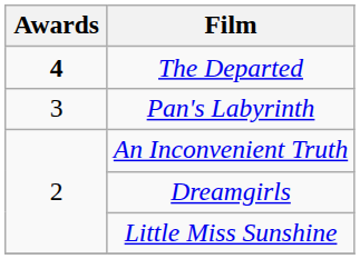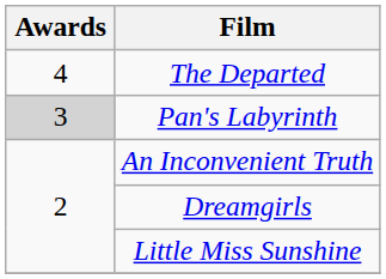 <table class="wikitable sortable" style="text-align: center;">
 <tr>
 <th scope="col" width="55">Awards</th>
 <th scope="col" align="center">Film</th>
 </tr>
 <tr>
-<td style="text-align: center;"><strong>4</strong></td>
+<td style="text-align: center;">4</td>
 <td><em><a href='#'>The Departed</a></em></td>
 </tr>
 <tr>
-<td style="text-align: center;">3</td>
+<td style="background: lightgrey; text-align: center;">3</td>
 <td><em><a href='#'>Pan's Labyrinth</a></em></td>
 </tr>
 <tr>
 <td rowspan=3 style="text-align:center">2</td>
 <td><em><a href='#'>An Inconvenient Truth</a></em></td>
 </tr>
 <tr>
 <td><em><a href='#'>Dreamgirls</a></em></td>
 </tr>
 <tr>
 <td><em><a href='#'>Little Miss Sunshine</a></em></td>
 </tr>
 <tr>
 </tr>
 </table>
